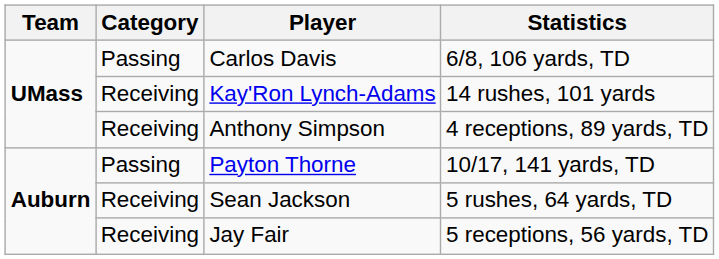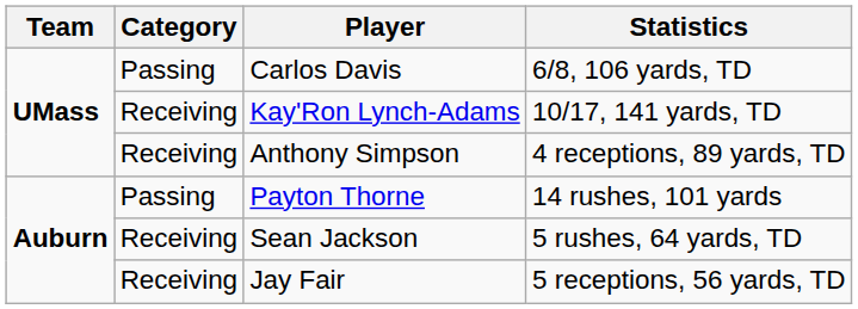 <table class="wikitable" style="float: right;">
 <tr>
 <th>Team</th>
 <th>Category</th>
 <th>Player</th>
 <th>Statistics</th>
 </tr>
 <tr>
 <td rowspan=3><strong>UMass</strong></td>
 <td>Passing</td>
 <td>Carlos Davis</td>
 <td>6/8, 106 yards, TD</td>
 </tr>
 <tr>
 <td>Receiving</td>
 <td><a href='#'>Kay'Ron Lynch-Adams</a></td>
-<td>14 rushes, 101 yards</td>
+<td>10/17, 141 yards, TD</td>
 </tr>
 <tr>
 <td>Receiving</td>
 <td>Anthony Simpson</td>
 <td>4 receptions, 89 yards, TD</td>
 </tr>
 <tr>
 <td rowspan=3><strong>Auburn</strong></td>
 <td>Passing</td>
 <td><a href='#'>Payton Thorne</a></td>
-<td>10/17, 141 yards, TD</td>
+<td>14 rushes, 101 yards</td>
 </tr>
 <tr>
 <td>Receiving</td>
 <td>Sean Jackson</td>
 <td>5 rushes, 64 yards, TD</td>
 </tr>
 <tr>
 <td>Receiving</td>
 <td>Jay Fair</td>
 <td>5 receptions, 56 yards, TD</td>
 </tr>
 </table>
